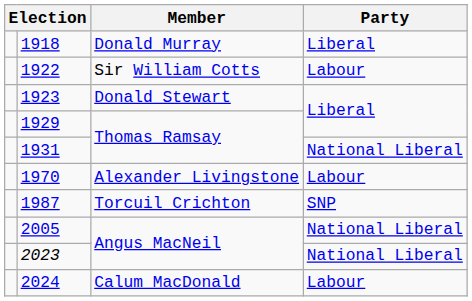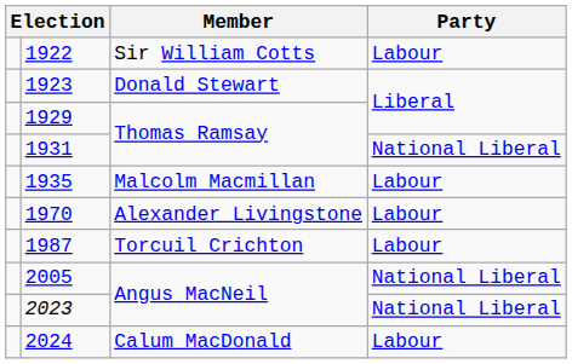 <table class="wikitable">
 <tr>
 <th colspan="2">Election</th>
 <th>Member</th>
 <th>Party</th>
-</tr>
-<tr>
-<td style="color:inherit;background-color: "></td>
-<td><a href='#'>1918</a></td>
-<td><a href='#'>Donald Murray</a></td>
-<td><a href='#'>Liberal</a></td>
 </tr>
 <tr>
 <td style="color:inherit;background-color: "></td>
 <td><a href='#'>1922</a></td>
 <td>Sir <a href='#'>William Cotts</a></td>
 <td><a href='#'>Labour</a></td>
 </tr>
 <tr>
 <td style="color:inherit;background-color: "></td>
 <td><a href='#'>1923</a></td>
 <td><a href='#'>Donald Stewart</a></td>
 <td rowspan="2"><a href='#'>Liberal</a></td>
 </tr>
 <tr>
 <td style="color:inherit;background-color: "></td>
 <td><a href='#'>1929</a></td>
 <td rowspan="2"><a href='#'>Thomas Ramsay</a></td>
 </tr>
 <tr>
 <td style="color:inherit;background-color: "></td>
 <td><a href='#'>1931</a></td>
 <td><a href='#'>National Liberal</a></td>
 </tr>
 <tr>
 <td style="color:inherit;background-color: "></td>
+<td><a href='#'>1935</a></td>
+<td><a href='#'>Malcolm Macmillan</a></td>
+<td><a href='#'>Labour</a></td>
+</tr>
+<tr>
+<td style="color:inherit;background-color: "></td>
 <td><a href='#'>1970</a></td>
 <td><a href='#'>Alexander Livingstone</a></td>
 <td><a href='#'>Labour</a></td>
 </tr>
 <tr>
 <td style="color:inherit;background-color: "></td>
 <td><a href='#'>1987</a></td>
 <td><a href='#'>Torcuil Crichton</a></td>
-<td><a href='#'>SNP</a></td>
+<td><a href='#'>Labour</a></td>
 </tr>
 <tr>
 <td style="color:inherit;background-color: "></td>
 <td><a href='#'>2005</a></td>
 <td rowspan=2><a href='#'>Angus MacNeil</a></td>
 <td><a href='#'>National Liberal</a></td>
 </tr>
 <tr>
 <td style="color:inherit;background-color: "></td>
 <td><em>2023</em></td>
 <td><a href='#'>National Liberal</a></td>
 </tr>
 <tr>
 <td style="color:inherit;background-color: "></td>
 <td><a href='#'>2024</a></td>
 <td><a href='#'>Calum MacDonald</a></td>
 <td><a href='#'>Labour</a></td>
 </tr>
 </table>
